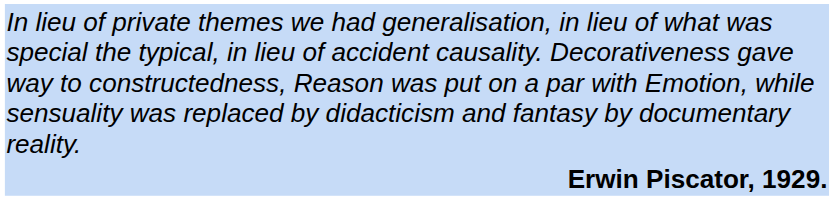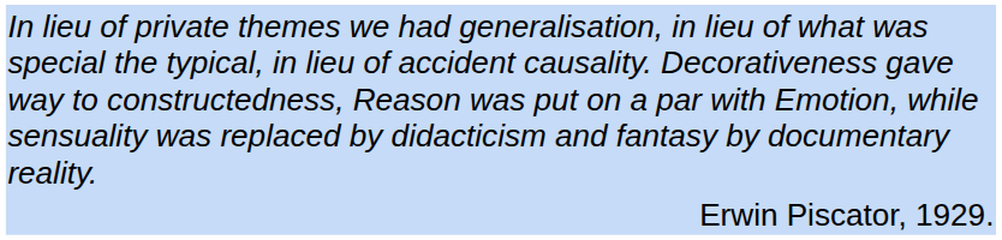 <table class="toccolours" style="float: right; margin-left: 1em; margin-right: 1em; font-size: 80%; background:#c6dbf7; color:black; width:32em; max-width: 32%;" cellspacing="0">
 <tr>
 <td style="text-align:left;"><em>In lieu of private themes we had generalisation, in lieu of what was special the typical, in lieu of accident causality. Decorativeness gave way to constructedness, Reason was put on a par with Emotion, while sensuality was replaced by didacticism and fantasy by documentary reality.</em></td>
 </tr>
 <tr>
-<td style="text-align: right;"><strong>Erwin Piscator, 1929.</strong></td>
+<td style="text-align: right;">Erwin Piscator, 1929.</td>
 </tr>
 </table>
